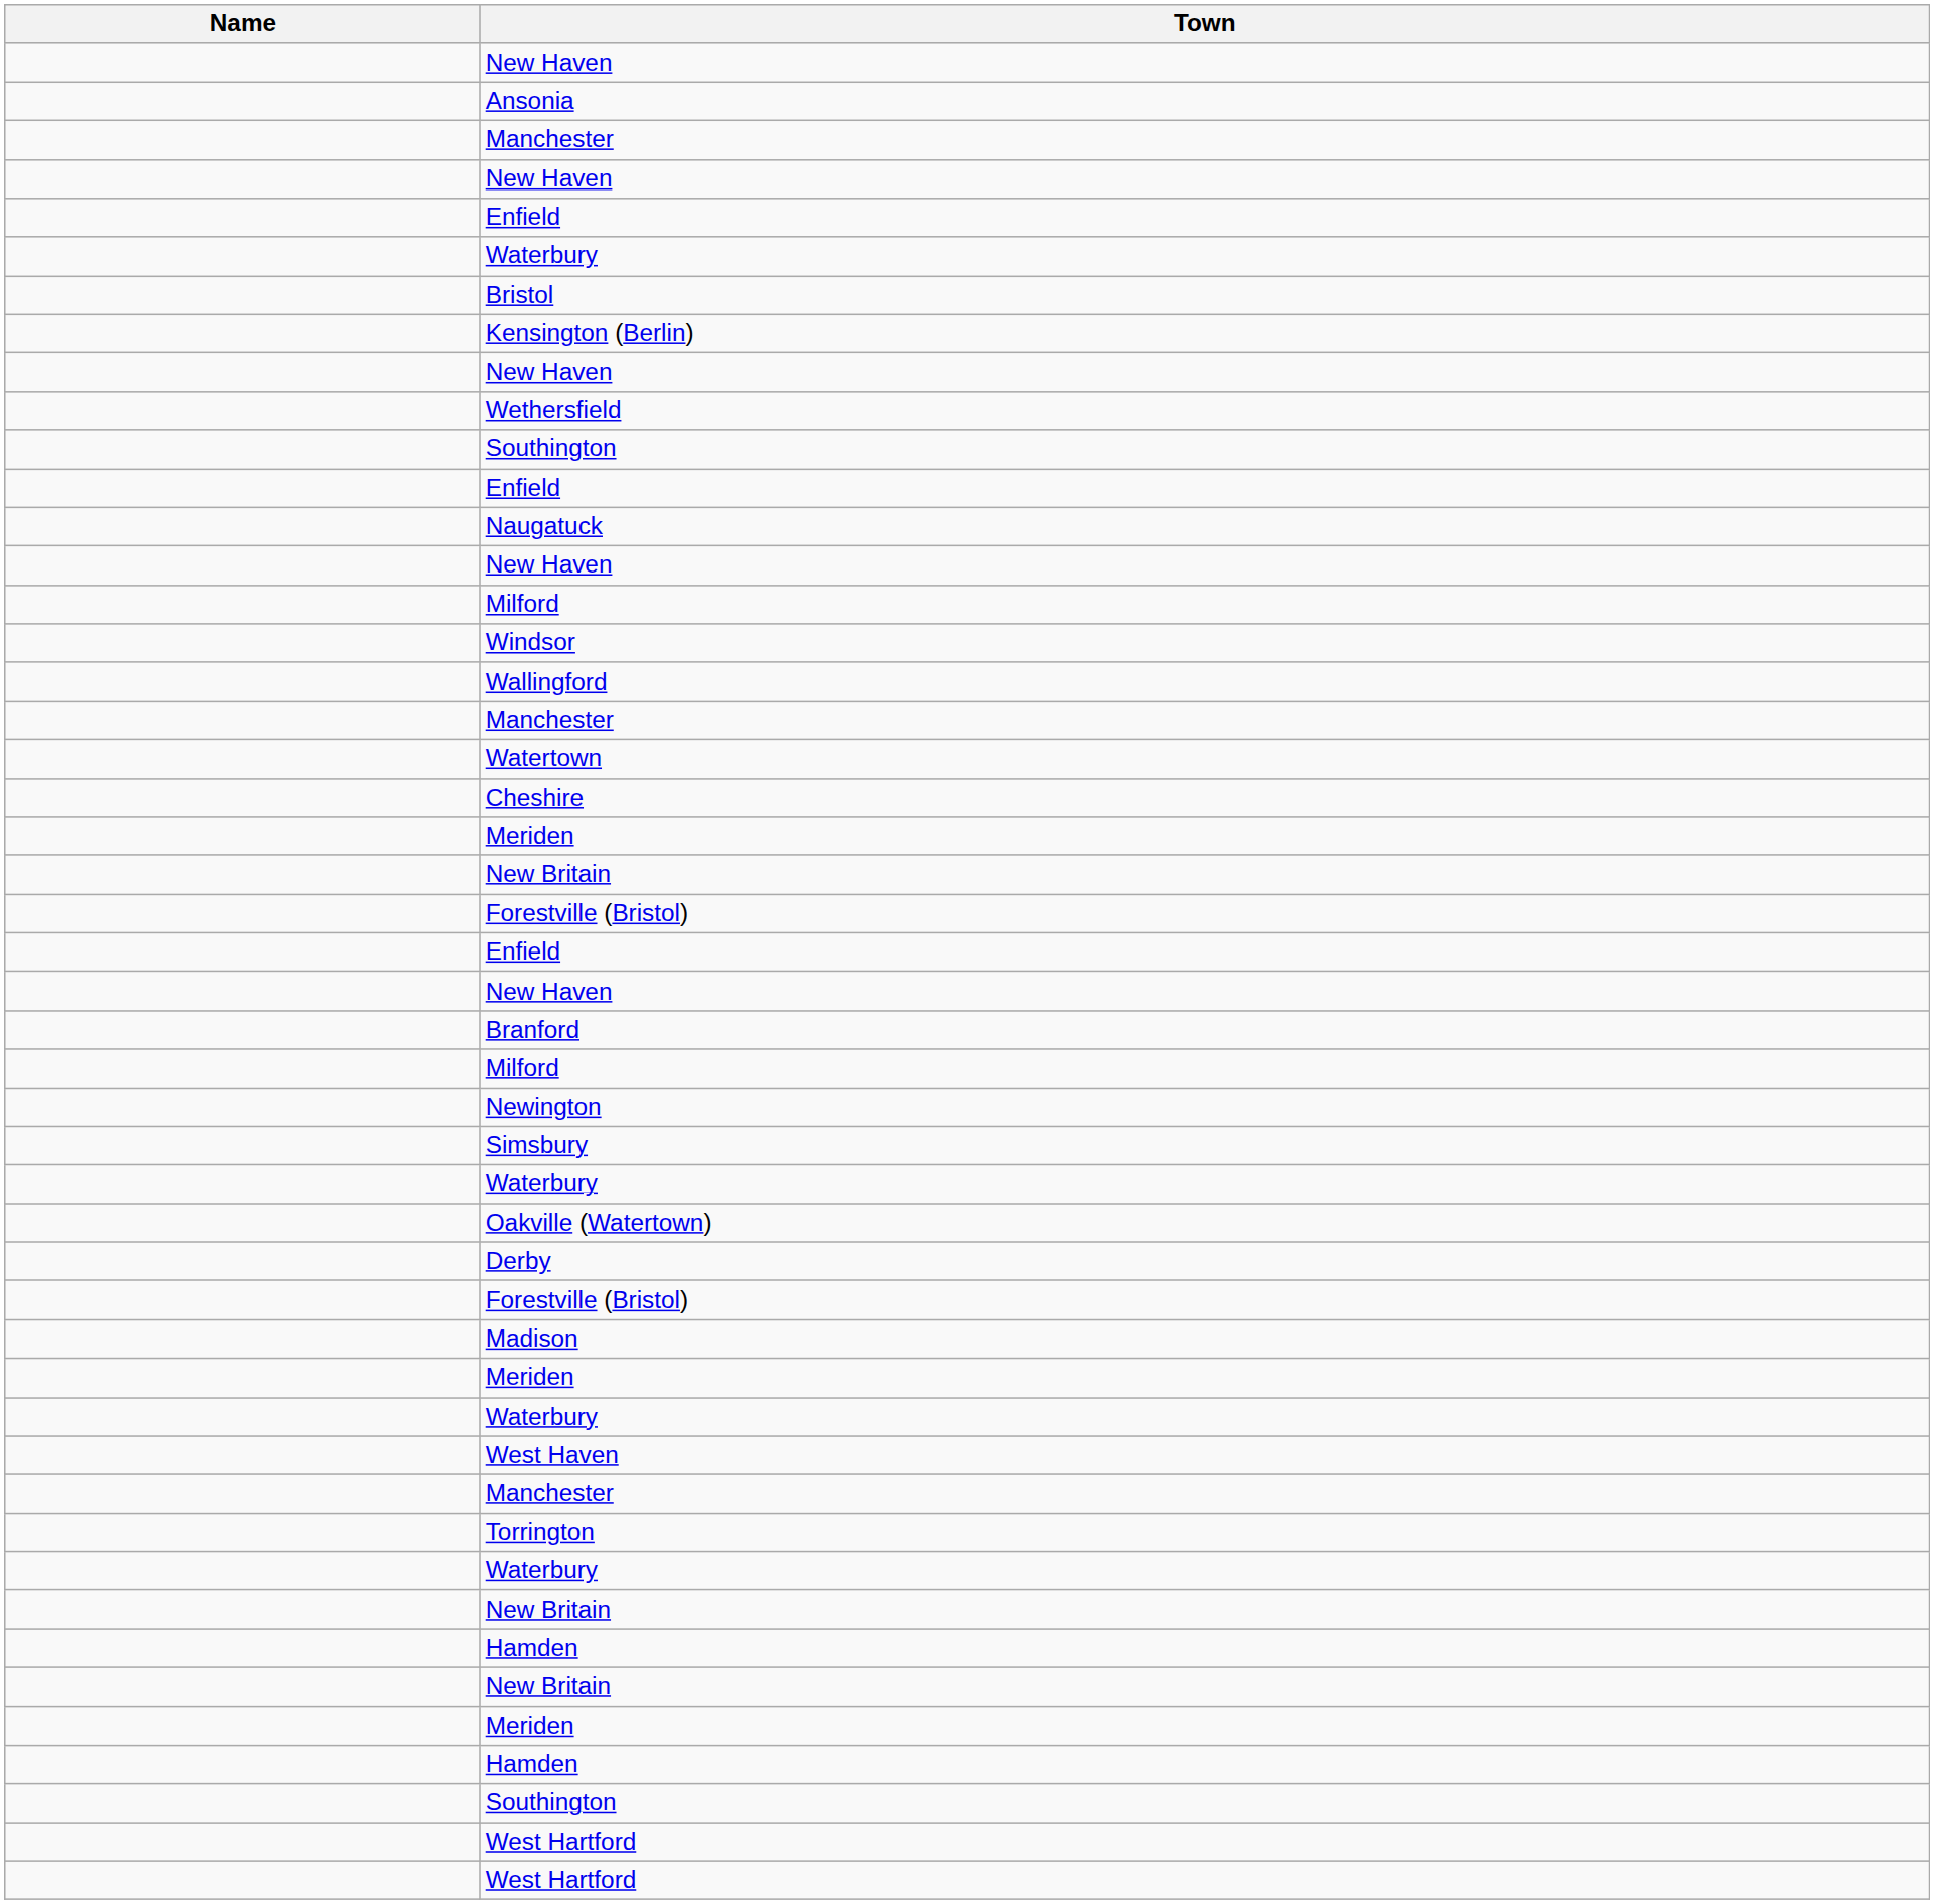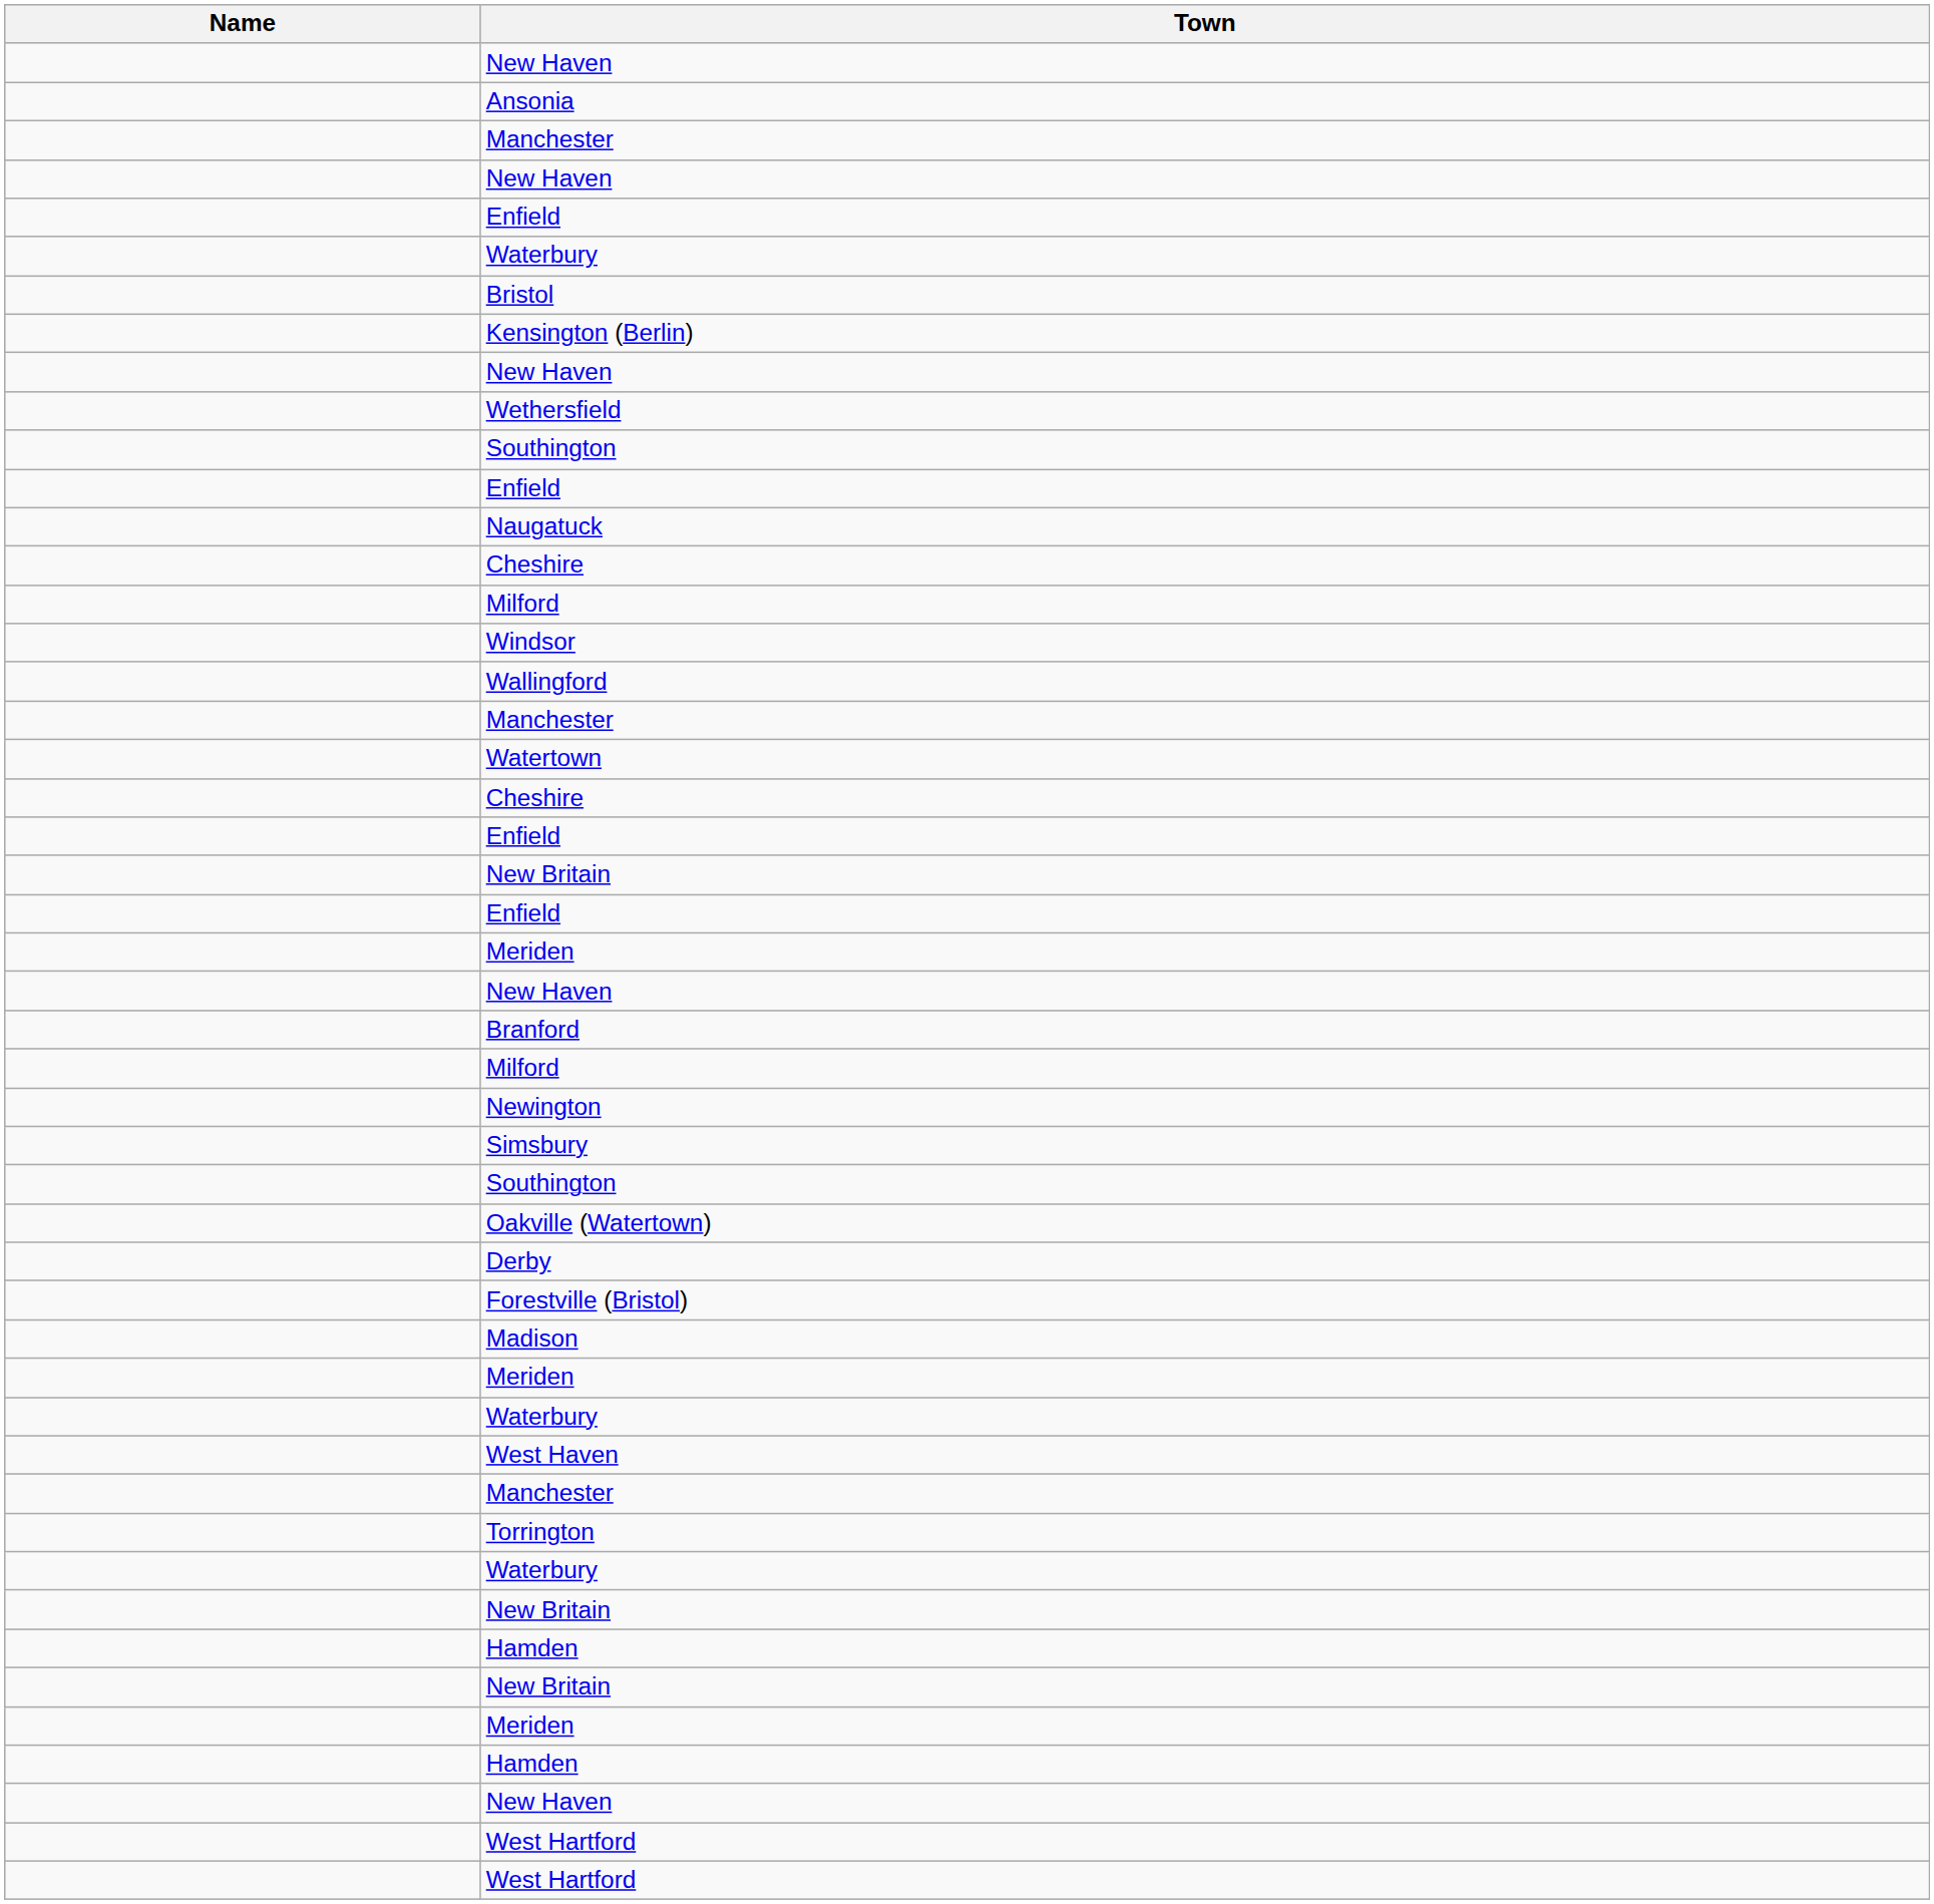 <table class="wikitable sortable" style="width:100%; ">
 <tr>
 <th>Name</th>
 <th>Town</th>
 </tr>
 <tr valign=top>
 <td></td>
 <td><a href='#'>New Haven</a></td>
 </tr>
 <tr valign=top>
 <td></td>
 <td><a href='#'>Ansonia</a></td>
 </tr>
 <tr valign=top>
 <td></td>
 <td><a href='#'>Manchester</a></td>
 </tr>
 <tr valign=top>
 <td></td>
 <td><a href='#'>New Haven</a></td>
 </tr>
 <tr valign=top>
 <td></td>
 <td><a href='#'>Enfield</a></td>
 </tr>
 <tr valign=top>
 <td></td>
 <td><a href='#'>Waterbury</a></td>
 </tr>
 <tr valign=top>
 <td></td>
 <td><a href='#'>Bristol</a></td>
 </tr>
 <tr valign=top>
 <td></td>
 <td><a href='#'>Kensington</a> (<a href='#'>Berlin</a>)</td>
 </tr>
 <tr valign=top>
 <td></td>
 <td><a href='#'>New Haven</a></td>
 </tr>
 <tr valign=top>
 <td></td>
 <td><a href='#'>Wethersfield</a></td>
 </tr>
 <tr valign=top>
 <td></td>
 <td><a href='#'>Southington</a></td>
 </tr>
 <tr valign=top>
 <td></td>
 <td><a href='#'>Enfield</a></td>
 </tr>
 <tr valign=top>
 <td></td>
 <td><a href='#'>Naugatuck</a></td>
 </tr>
 <tr valign=top>
 <td></td>
-<td><a href='#'>New Haven</a></td>
+<td><a href='#'>Cheshire</a></td>
 </tr>
 <tr valign=top>
 <td></td>
 <td><a href='#'>Milford</a></td>
 </tr>
 <tr valign=top>
 <td></td>
 <td><a href='#'>Windsor</a></td>
 </tr>
 <tr valign=top>
 <td></td>
 <td><a href='#'>Wallingford</a></td>
 </tr>
 <tr valign=top>
 <td></td>
 <td><a href='#'>Manchester</a></td>
 </tr>
 <tr valign=top>
 <td></td>
 <td><a href='#'>Watertown</a></td>
 </tr>
 <tr valign=top>
 <td></td>
 <td><a href='#'>Cheshire</a></td>
 </tr>
 <tr valign=top>
 <td></td>
-<td><a href='#'>Meriden</a></td>
+<td><a href='#'>Enfield</a></td>
 </tr>
 <tr valign=top>
 <td></td>
 <td><a href='#'>New Britain</a></td>
 </tr>
 <tr valign=top>
 <td></td>
-<td><a href='#'>Forestville</a> (<a href='#'>Bristol</a>)</td>
+<td><a href='#'>Enfield</a></td>
 </tr>
 <tr valign=top>
 <td></td>
-<td><a href='#'>Enfield</a></td>
+<td><a href='#'>Meriden</a></td>
 </tr>
 <tr valign=top>
 <td></td>
 <td><a href='#'>New Haven</a></td>
 </tr>
 <tr valign=top>
 <td></td>
 <td><a href='#'>Branford</a></td>
 </tr>
 <tr valign=top>
 <td></td>
 <td><a href='#'>Milford</a></td>
 </tr>
 <tr valign=top>
 <td></td>
 <td><a href='#'>Newington</a></td>
 </tr>
 <tr valign=top>
 <td></td>
 <td><a href='#'>Simsbury</a></td>
 </tr>
 <tr valign=top>
 <td></td>
-<td><a href='#'>Waterbury</a></td>
+<td><a href='#'>Southington</a></td>
 </tr>
 <tr valign=top>
 <td></td>
 <td><a href='#'>Oakville</a> (<a href='#'>Watertown</a>)</td>
 </tr>
 <tr valign=top>
 <td></td>
 <td><a href='#'>Derby</a></td>
 </tr>
 <tr valign=top>
 <td></td>
 <td><a href='#'>Forestville</a> (<a href='#'>Bristol</a>)</td>
 </tr>
 <tr valign=top>
 <td></td>
 <td><a href='#'>Madison</a></td>
 </tr>
 <tr valign=top>
 <td></td>
 <td><a href='#'>Meriden</a></td>
 </tr>
 <tr valign=top>
 <td></td>
 <td><a href='#'>Waterbury</a></td>
 </tr>
 <tr valign=top>
 <td></td>
 <td><a href='#'>West Haven</a></td>
 </tr>
 <tr valign=top>
 <td></td>
 <td><a href='#'>Manchester</a></td>
 </tr>
 <tr valign=top>
 <td></td>
 <td><a href='#'>Torrington</a></td>
 </tr>
 <tr valign=top>
 <td></td>
 <td><a href='#'>Waterbury</a></td>
 </tr>
 <tr valign=top>
 <td></td>
 <td><a href='#'>New Britain</a></td>
 </tr>
 <tr valign=top>
 <td></td>
 <td><a href='#'>Hamden</a></td>
 </tr>
 <tr valign=top>
 <td></td>
 <td><a href='#'>New Britain</a></td>
 </tr>
 <tr valign=top>
 <td></td>
 <td><a href='#'>Meriden</a></td>
 </tr>
 <tr valign=top>
 <td></td>
 <td><a href='#'>Hamden</a></td>
 </tr>
 <tr valign=top>
 <td></td>
-<td><a href='#'>Southington</a></td>
+<td><a href='#'>New Haven</a></td>
 </tr>
 <tr valign=top>
 <td></td>
 <td><a href='#'>West Hartford</a></td>
 </tr>
 <tr valign=top>
 <td></td>
 <td><a href='#'>West Hartford</a></td>
 </tr>
 </table>
